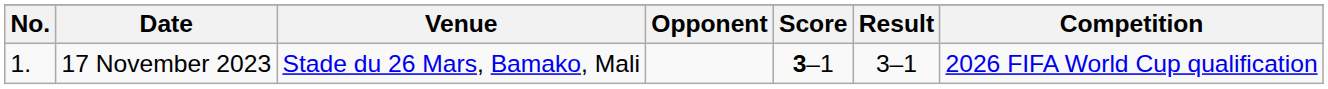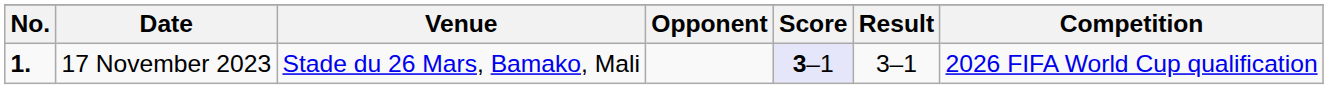 <table class="wikitable plainrowheaders sortable">
 <tr>
 </tr>
 <tr>
 <th>No.</th>
 <th>Date</th>
 <th>Venue</th>
 <th>Opponent</th>
 <th>Score</th>
 <th>Result</th>
 <th>Competition</th>
 </tr>
 <tr>
-<td>1.</td>
+<td><strong>1.</strong></td>
 <td>17 November 2023</td>
 <td><a href='#'>Stade du 26 Mars</a>, <a href='#'>Bamako</a>, Mali</td>
 <td></td>
-<td align=center><strong>3</strong>–1</td>
+<td align=center style="background: lavender;"><strong>3</strong>–1</td>
 <td align=center>3–1</td>
 <td><a href='#'>2026 FIFA World Cup qualification</a></td>
 </tr>
 </table>
